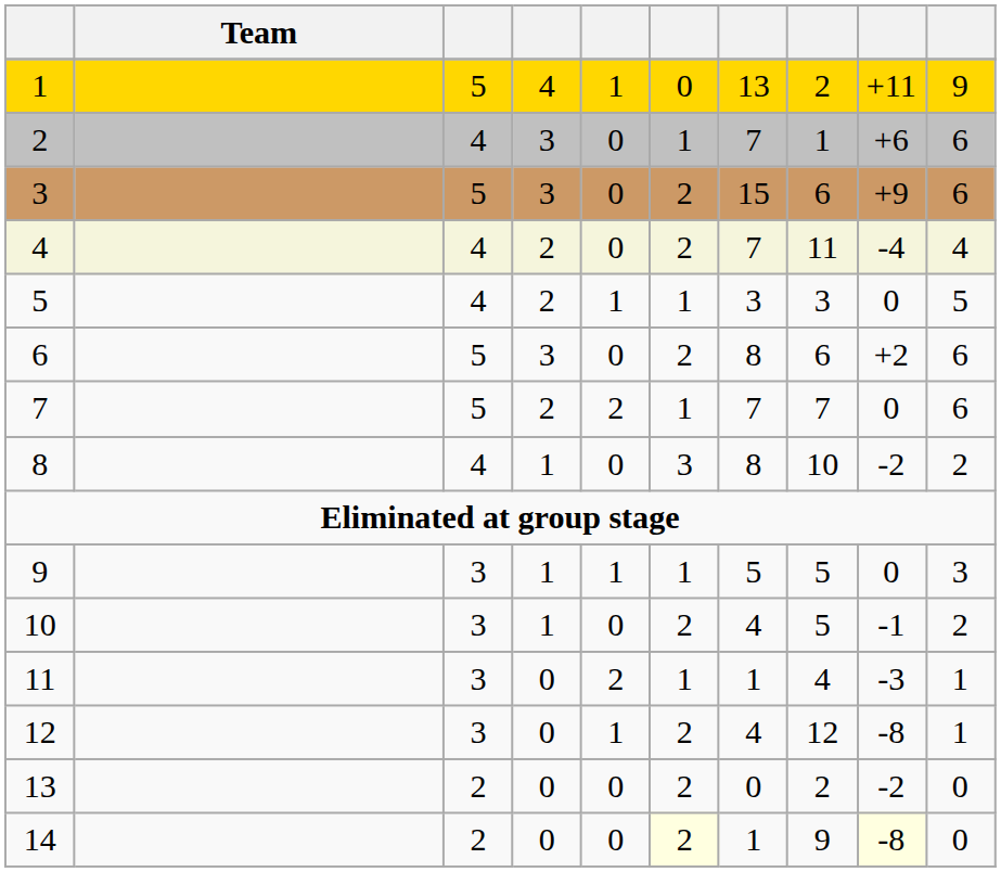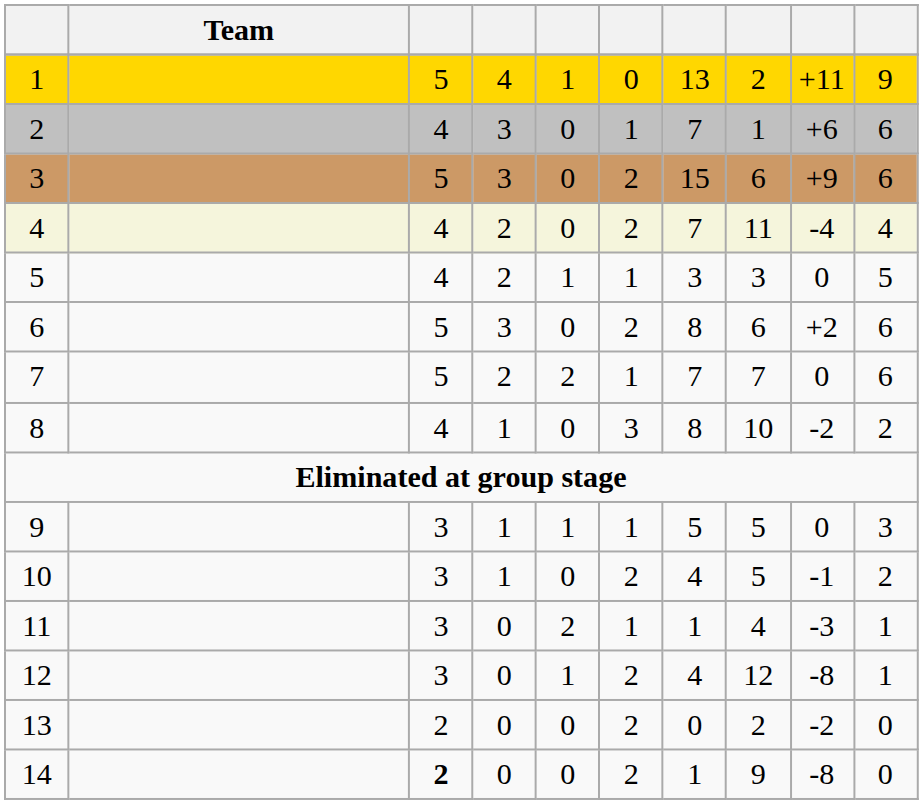 <table class="wikitable" style="font-size: 95%; text-align: center;">
 <tr>
 <th width=25></th>
 <th width=165>Team</th>
 <th width=25></th>
 <th width=25></th>
 <th width=25></th>
 <th width=25></th>
 <th width=25></th>
 <th width=25></th>
 <th width=25></th>
 <th width=25></th>
 </tr>
 <tr>
 </tr>
 <tr>
 </tr>
 <tr style="background:gold;">
 <td>1</td>
 <td style="text-align:left;"></td>
 <td>5</td>
 <td>4</td>
 <td>1</td>
 <td>0</td>
 <td>13</td>
 <td>2</td>
 <td>+11</td>
 <td>9</td>
 </tr>
 <tr style="background:silver;">
 <td>2</td>
 <td style="text-align:left;"></td>
 <td>4</td>
 <td>3</td>
 <td>0</td>
 <td>1</td>
 <td>7</td>
 <td>1</td>
 <td>+6</td>
 <td>6</td>
 </tr>
 <tr style="background:#c96;">
 <td>3</td>
 <td style="text-align:left;"></td>
 <td>5</td>
 <td>3</td>
 <td>0</td>
 <td>2</td>
 <td>15</td>
 <td>6</td>
 <td>+9</td>
 <td>6</td>
 </tr>
 <tr style="background:beige;">
 <td>4</td>
 <td style="text-align:left;"></td>
 <td>4</td>
 <td>2</td>
 <td>0</td>
 <td>2</td>
 <td>7</td>
 <td>11</td>
 <td>-4</td>
 <td>4</td>
 </tr>
 <tr>
 <td>5</td>
 <td style="text-align:left;"></td>
 <td>4</td>
 <td>2</td>
 <td>1</td>
 <td>1</td>
 <td>3</td>
 <td>3</td>
 <td>0</td>
 <td>5</td>
 </tr>
 <tr>
 <td>6</td>
 <td style="text-align:left;"></td>
 <td>5</td>
 <td>3</td>
 <td>0</td>
 <td>2</td>
 <td>8</td>
 <td>6</td>
 <td>+2</td>
 <td>6</td>
 </tr>
 <tr>
 <td>7</td>
 <td style="text-align:left;"></td>
 <td>5</td>
 <td>2</td>
 <td>2</td>
 <td>1</td>
 <td>7</td>
 <td>7</td>
 <td>0</td>
 <td>6</td>
 </tr>
 <tr>
 <td>8</td>
 <td style="text-align:left;"></td>
 <td>4</td>
 <td>1</td>
 <td>0</td>
 <td>3</td>
 <td>8</td>
 <td>10</td>
 <td>-2</td>
 <td>2</td>
 </tr>
 <tr>
 <td colspan="10"><strong>Eliminated at group stage</strong></td>
 </tr>
 <tr>
 <td>9</td>
 <td style="text-align:left;"></td>
 <td>3</td>
 <td>1</td>
 <td>1</td>
 <td>1</td>
 <td>5</td>
 <td>5</td>
 <td>0</td>
 <td>3</td>
 </tr>
 <tr>
 <td>10</td>
 <td style="text-align:left;"></td>
 <td>3</td>
 <td>1</td>
 <td>0</td>
 <td>2</td>
 <td>4</td>
 <td>5</td>
 <td>-1</td>
 <td>2</td>
 </tr>
 <tr>
 <td>11</td>
 <td style="text-align:left;"></td>
 <td>3</td>
 <td>0</td>
 <td>2</td>
 <td>1</td>
 <td>1</td>
 <td>4</td>
 <td>-3</td>
 <td>1</td>
 </tr>
 <tr>
 <td>12</td>
 <td style="text-align:left;"></td>
 <td>3</td>
 <td>0</td>
 <td>1</td>
 <td>2</td>
 <td>4</td>
 <td>12</td>
 <td>-8</td>
 <td>1</td>
 </tr>
 <tr>
 <td>13</td>
 <td style="text-align:left;"></td>
 <td>2</td>
 <td>0</td>
 <td>0</td>
 <td>2</td>
 <td>0</td>
 <td>2</td>
 <td>-2</td>
 <td>0</td>
 </tr>
 <tr>
 <td>14</td>
 <td style="text-align:left;"></td>
-<td>2</td>
+<td><strong>2</strong></td>
 <td>0</td>
 <td>0</td>
-<td style="background: lightyellow;">2</td>
+<td>2</td>
 <td>1</td>
 <td>9</td>
-<td style="background: lightyellow;">-8</td>
+<td>-8</td>
 <td>0</td>
 </tr>
 </table>
